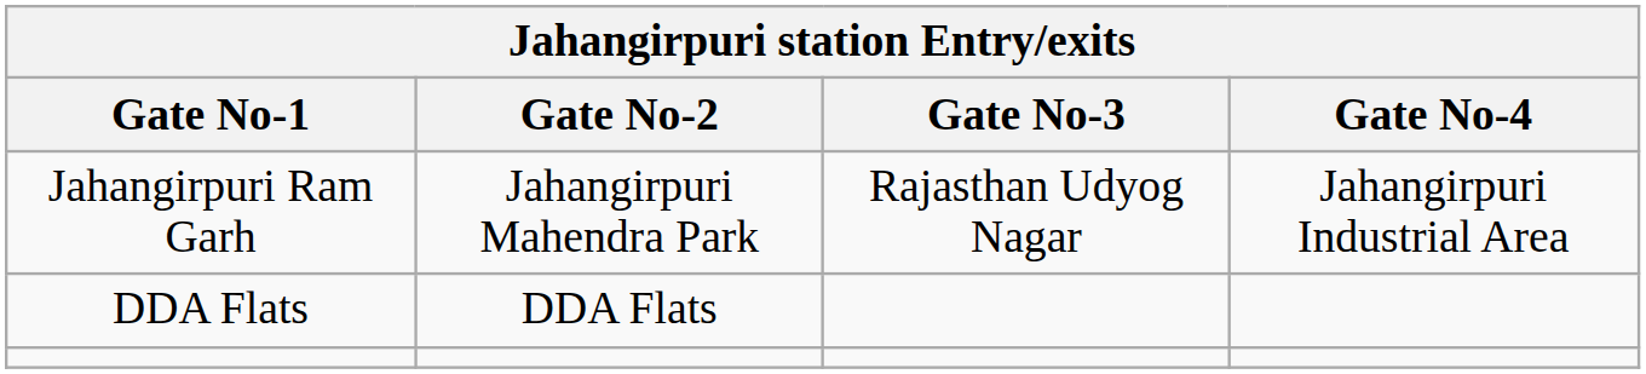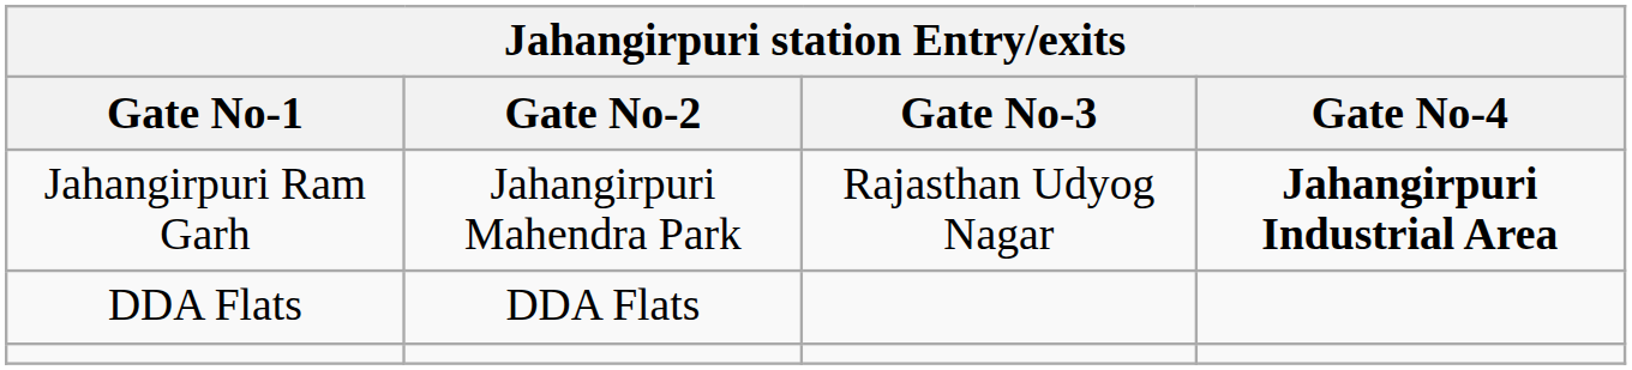 <table class="wikitable" style="text-align: center;" width="65%">
 <tr>
 <th align="center" colspan="5" style="background:#"><span>Jahangirpuri station Entry/exits</span></th>
 </tr>
 <tr>
 <th style="width:15%;">Gate No-1</th>
 <th style="width:15%;">Gate No-2 </th>
 <th style="width:15%;">Gate No-3</th>
 <th style="width:15%;">Gate No-4 </th>
 </tr>
 <tr>
 <td>Jahangirpuri Ram Garh</td>
 <td>Jahangirpuri Mahendra Park</td>
 <td>Rajasthan Udyog Nagar</td>
-<td>Jahangirpuri Industrial Area</td>
+<td><strong>Jahangirpuri Industrial Area</strong></td>
 </tr>
 <tr>
 <td>DDA Flats</td>
 <td>DDA Flats</td>
 <td></td>
 <td></td>
 </tr>
 <tr>
 <td></td>
 <td></td>
 <td></td>
 <td></td>
 </tr>
 </table>
